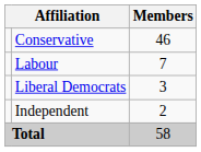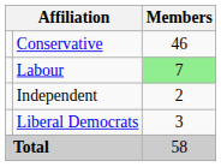 <table class="wikitable">
 <tr>
 <th colspan="2">Affiliation</th>
 <th>Members</th>
 </tr>
 <tr>
 <td style="color:inherit;background:"></td>
 <td><a href='#'>Conservative</a></td>
 <td style="text-align:center;">46</td>
 </tr>
 <tr>
 <td style="color:inherit;background:"></td>
 <td><a href='#'>Labour</a></td>
-<td style="text-align:center;">7</td>
+<td style="background: lightgreen; text-align:center;">7</td>
+</tr>
+<tr>
+<td style="color:inherit;background:"></td>
+<td>Independent</td>
+<td style="text-align:center;">2</td>
 </tr>
 <tr>
 <td style="color:inherit;background:"></td>
 <td><a href='#'>Liberal Democrats</a></td>
 <td style="text-align:center;">3</td>
 </tr>
-<tr>
-<td style="color:inherit;background:"></td>
-<td>Independent</td>
-<td style="text-align:center;">2</td>
-</tr>
 <tr style="background:#ccc;">
 <td colspan="2"> <strong>Total</strong></td>
 <td style="text-align:center;">58</td>
 </tr>
 </table>
